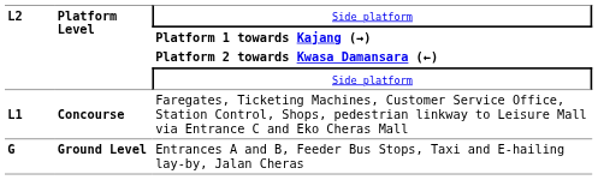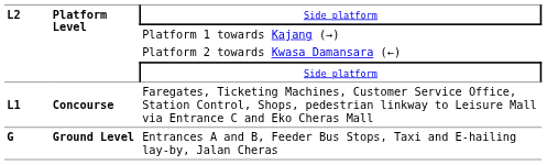 <table border="0" cellspacing="0" cellpadding="3">
 <tr>
 <td rowspan="4" width="50" valign="top" style="border-top:solid 1px gray;border-bottom:solid 1px gray;"><strong>L2</strong></td>
 <td rowspan="4" width="100" valign="top" style="border-top:solid 1px gray;border-bottom:solid 1px gray;"><strong>Platform Level</strong></td>
 <td colspan="1" style="width=500;border-top:solid 1px gray;border-right:solid 2px black;border-left:solid 2px black;border-bottom:solid 2px black;text-align:center;"><small><a href='#'>Side platform</a></small></td>
 </tr>
 <tr>
-<td width="500"><strong>Platform 1   towards <a href='#'>Kajang</a>  (→)</strong></td>
+<td width="500">Platform 1   towards <a href='#'>Kajang</a>  (→)</td>
 <td></td>
 </tr>
 <tr>
-<td width="500"><strong>Platform 2   towards <a href='#'>Kwasa Damansara</a>  (←)</strong></td>
+<td width="500">Platform 2   towards <a href='#'>Kwasa Damansara</a>  (←)</td>
 </tr>
 <tr>
 <td colspan="1" style="width=500;border-top:solid 2px black;border-right:solid 2px black;border-left:solid 2px black;border-bottom:solid 1px gray;text-align:center;"><small><a href='#'>Side platform</a></small></td>
 </tr>
 <tr>
 <td><strong>L1</strong></td>
 <td><strong>Concourse</strong></td>
 <td>Faregates, Ticketing Machines, Customer Service Office, Station Control, Shops, pedestrian linkway to Leisure Mall via Entrance C and Eko Cheras Mall</td>
 </tr>
 <tr>
 <td rowspan="4" width="50" valign="top" style="border-top:solid 1px gray;border-bottom:solid 1px gray;"><strong>G</strong></td>
 <td rowspan="4" width="50" valign="top" style="border-top:solid 1px gray;border-bottom:solid 1px gray;"><strong>Ground Level</strong></td>
 <td rowspan="4" width="50" valign="top" style="border-top:solid 1px gray;border-bottom:solid 1px gray;">Entrances A and B, Feeder Bus Stops, Taxi and E-hailing lay-by, Jalan Cheras</td>
 </tr>
 </table>
